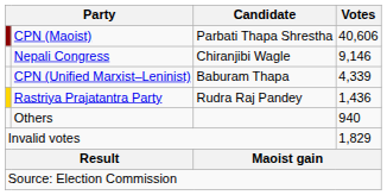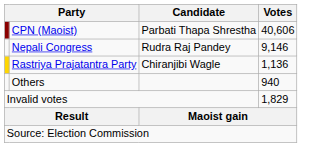 <table class="wikitable">
 <tr>
 <th colspan="2">Party</th>
 <th>Candidate</th>
 <th>Votes</th>
 </tr>
 <tr>
 <td style="background-color:darkred"></td>
 <td><a href='#'>CPN (Maoist)</a></td>
 <td>Parbati Thapa Shrestha</td>
 <td>40,606</td>
 </tr>
 <tr>
 <td style="background-color:"></td>
 <td><a href='#'>Nepali Congress</a></td>
-<td>Chiranjibi Wagle</td>
+<td>Rudra Raj Pandey</td>
 <td>9,146</td>
-</tr>
-<tr>
-<td style="background-color:"></td>
-<td><a href='#'>CPN (Unified Marxist–Leninist)</a></td>
-<td>Baburam Thapa</td>
-<td>4,339</td>
 </tr>
 <tr>
 <td style="background-color:gold"></td>
 <td><a href='#'>Rastriya Prajatantra Party</a></td>
-<td>Rudra Raj Pandey</td>
-<td>1,436</td>
+<td>Chiranjibi Wagle</td>
+<td>1,136</td>
 </tr>
 <tr>
 <td></td>
 <td>Others</td>
 <td></td>
 <td>940</td>
 </tr>
 <tr>
 <td colspan="3">Invalid votes</td>
 <td>1,829</td>
 </tr>
 <tr>
 <th colspan="2">Result</th>
 <th colspan="2">Maoist gain</th>
 </tr>
 <tr>
 <td colspan="4">Source: Election Commission</td>
 </tr>
 </table>
